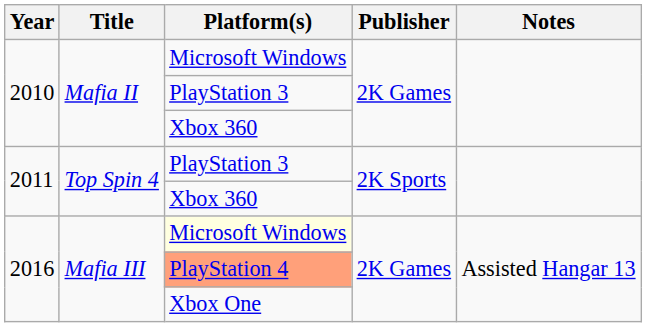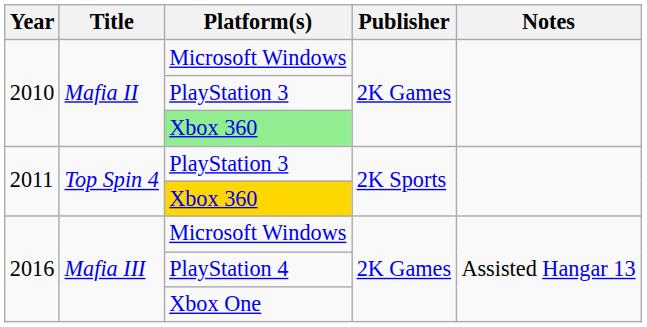 <table class="wikitable sortable">
 <tr>
 <th>Year</th>
 <th>Title</th>
 <th>Platform(s)</th>
 <th>Publisher</th>
 <th>Notes</th>
 </tr>
 <tr>
 <td rowspan="3">2010</td>
 <td rowspan="3"><em><a href='#'>Mafia II</a></em></td>
 <td><a href='#'>Microsoft Windows</a></td>
 <td rowspan="3"><a href='#'>2K Games</a></td>
 <td rowspan="3"></td>
 </tr>
 <tr>
 <td><a href='#'>PlayStation 3</a></td>
 </tr>
 <tr>
-<td><a href='#'>Xbox 360</a></td>
+<td style="background: lightgreen;"><a href='#'>Xbox 360</a></td>
 </tr>
 <tr>
 <td rowspan="2">2011</td>
 <td rowspan="2"><em><a href='#'>Top Spin 4</a></em></td>
 <td><a href='#'>PlayStation 3</a></td>
 <td rowspan="2"><a href='#'>2K Sports</a></td>
 </tr>
 <tr>
-<td><a href='#'>Xbox 360</a></td>
+<td style="background: gold;"><a href='#'>Xbox 360</a></td>
 </tr>
 <tr>
 <td rowspan="3">2016</td>
 <td rowspan="3"><em><a href='#'>Mafia III</a></em></td>
-<td style="background: lightyellow;"><a href='#'>Microsoft Windows</a></td>
+<td><a href='#'>Microsoft Windows</a></td>
 <td rowspan="3"><a href='#'>2K Games</a></td>
 <td rowspan="3">Assisted <a href='#'>Hangar 13</a></td>
 </tr>
 <tr>
-<td style="background: lightsalmon;"><a href='#'>PlayStation 4</a></td>
+<td><a href='#'>PlayStation 4</a></td>
 </tr>
 <tr>
 <td><a href='#'>Xbox One</a></td>
 </tr>
 </table>
